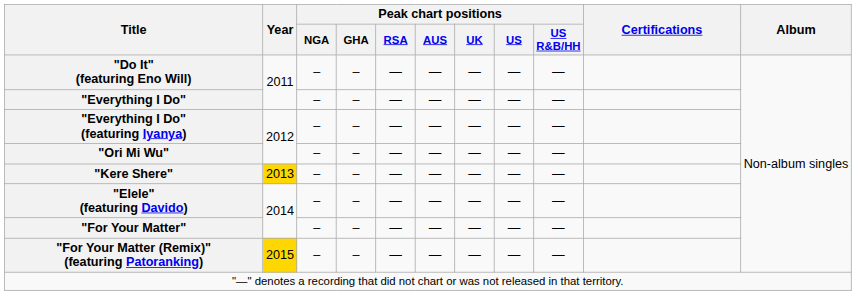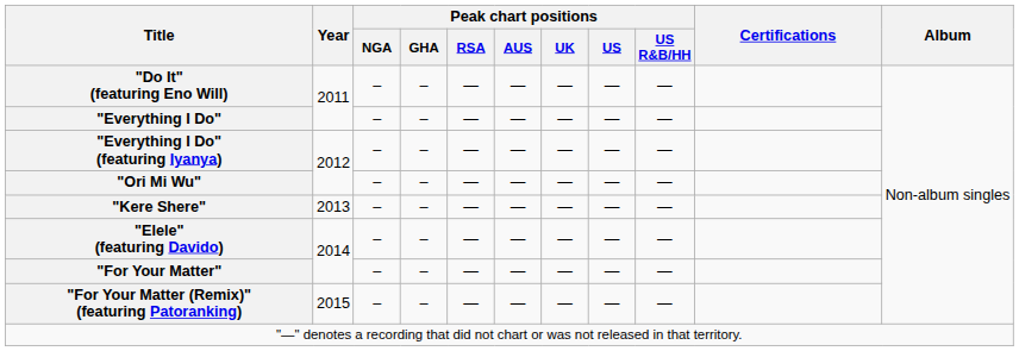 <table class="wikitable plainrowheaders" style="text-align:center;">
 <tr>
 <th scope="col" rowspan="2" style="width:20em;">Title</th>
 <th scope="col" rowspan="2">Year</th>
 <th scope="col" colspan="7">Peak chart positions</th>
 <th scope="col" rowspan="2" style="width:12em;"><a href='#'>Certifications</a></th>
 <th scope="col" rowspan="2">Album</th>
 </tr>
 <tr>
 <th scope="col" style="width:3em;font-size:90%;">NGA</th>
 <th scope="col" style="width:3em;font-size:90%;">GHA</th>
 <th scope="col" style="width:3em;font-size:90%;"><a href='#'>RSA</a></th>
 <th scope="col" style="width:3em;font-size:90%;"><a href='#'>AUS</a></th>
 <th scope="col" style="width:3em;font-size:90%;"><a href='#'>UK</a></th>
 <th scope="col" style="width:3em;font-size:90%;"><a href='#'>US</a></th>
 <th scope="col" style="width:3em;font-size:90%;"><a href='#'>US<br>R&B/HH</a></th>
 </tr>
 <tr>
 <th scope="row">"Do It"<br><span>(featuring Eno Will)</span></th>
 <td rowspan="2">2011</td>
 <td>–</td>
 <td>–</td>
 <td>—</td>
 <td>—</td>
 <td>—</td>
 <td>—</td>
 <td>—</td>
 <td></td>
 <td rowspan="8">Non-album singles</td>
 </tr>
 <tr>
 <th scope="row">"Everything I Do"</th>
 <td>–</td>
 <td>–</td>
 <td>—</td>
 <td>—</td>
 <td>—</td>
 <td>—</td>
 <td>—</td>
 <td></td>
 </tr>
 <tr>
 <th scope="row">"Everything I Do"<br><span>(featuring <a href='#'>Iyanya</a>)</span></th>
 <td rowspan="2">2012</td>
 <td>–</td>
 <td>–</td>
 <td>—</td>
 <td>—</td>
 <td>—</td>
 <td>—</td>
 <td>—</td>
 <td></td>
 </tr>
 <tr>
 <th scope="row">"Ori Mi Wu"</th>
 <td>–</td>
 <td>–</td>
 <td>—</td>
 <td>—</td>
 <td>—</td>
 <td>—</td>
 <td>—</td>
 <td></td>
 </tr>
 <tr>
 <th scope="row">"Kere Shere"</th>
-<td style="background: gold;">2013</td>
+<td>2013</td>
 <td>–</td>
 <td>–</td>
 <td>—</td>
 <td>—</td>
 <td>—</td>
 <td>—</td>
 <td>—</td>
 <td></td>
 </tr>
 <tr>
 <th scope="row">"Elele"<br><span>(featuring <a href='#'>Davido</a>)</span></th>
 <td rowspan="2">2014</td>
 <td>–</td>
 <td>–</td>
 <td>—</td>
 <td>—</td>
 <td>—</td>
 <td>—</td>
 <td>—</td>
 <td></td>
 </tr>
 <tr>
 <th scope="row">"For Your Matter"</th>
 <td>–</td>
 <td>–</td>
 <td>—</td>
 <td>—</td>
 <td>—</td>
 <td>—</td>
 <td>—</td>
 <td></td>
 </tr>
 <tr>
 <th scope="row">"For Your Matter (Remix)"<br><span>(featuring <a href='#'>Patoranking</a>)</span></th>
-<td style="background: gold;">2015</td>
+<td>2015</td>
 <td>–</td>
 <td>–</td>
 <td>—</td>
 <td>—</td>
 <td>—</td>
 <td>—</td>
 <td>—</td>
 <td></td>
 </tr>
 <tr>
 <td colspan="14" style="font-size:90%">"—" denotes a recording that did not chart or was not released in that territory.</td>
 </tr>
 </table>
